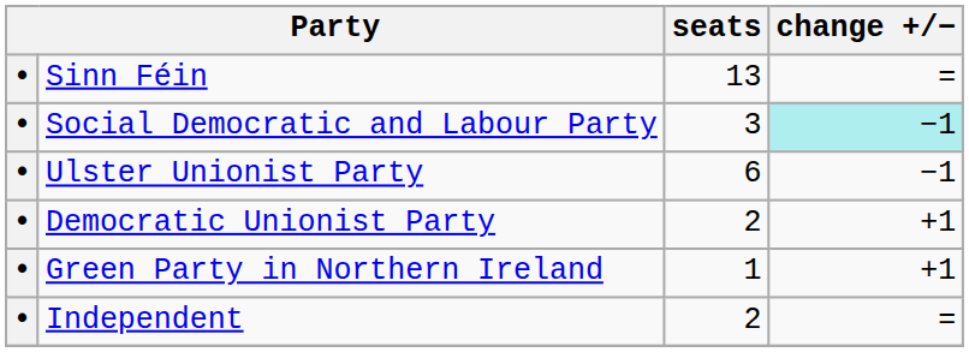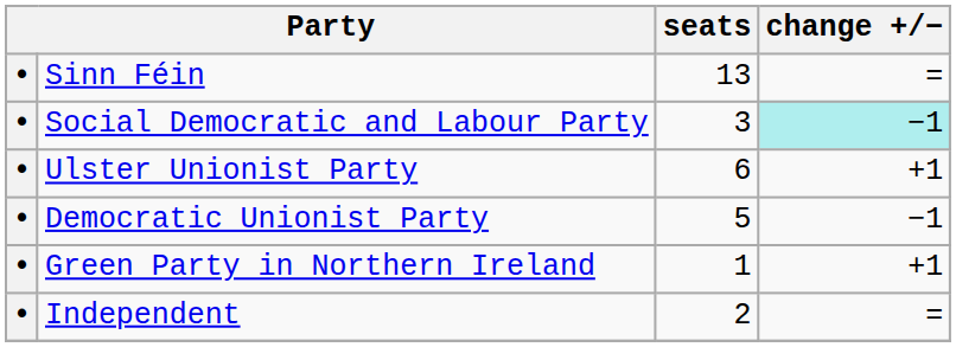 <table class="wikitable" style="font-size: 95%;">
 <tr>
 <th colspan=2>Party</th>
 <th>seats</th>
 <th>change +/−</th>
 </tr>
 <tr>
 <th style="background-color: "><span>•</span></th>
 <td><a href='#'>Sinn Féin</a></td>
 <td align="right">13</td>
 <td align="right">=</td>
 </tr>
 <tr>
 <th style="background-color: "><span>•</span></th>
 <td><a href='#'>Social Democratic and Labour Party</a></td>
 <td align="right">3</td>
 <td align="right" style="background: paleturquoise;">−1</td>
 </tr>
 <tr>
 <th style="background-color: "><span>•</span></th>
 <td><a href='#'>Ulster Unionist Party</a></td>
 <td align="right">6 </td>
-<td align="right">−1</td>
+<td align="right">+1</td>
 </tr>
 <tr>
 <th style="background-color: "><span>•</span></th>
 <td><a href='#'>Democratic Unionist Party</a></td>
-<td align="right">2</td>
-<td align="right">+1</td>
+<td align="right">5</td>
+<td align="right">−1</td>
 </tr>
 <tr>
 <th style="background-color: "><span>•</span></th>
 <td><a href='#'>Green Party in Northern Ireland</a></td>
 <td align="right">1</td>
 <td align="right">+1</td>
 </tr>
 <tr>
 <th style="background-color: "><span>•</span></th>
 <td><a href='#'>Independent</a></td>
 <td align="right">2</td>
 <td align="right">=</td>
 </tr>
 <tr>
 </tr>
 </table>
